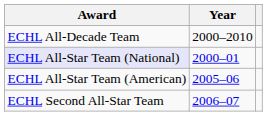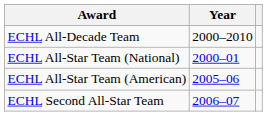 <table class="wikitable">
 <tr>
 <th>Award</th>
 <th>Year</th>
 <th></th>
 </tr>
 <tr>
 <td><a href='#'>ECHL</a> All-Decade Team</td>
 <td>2000–2010</td>
 <td></td>
 </tr>
 <tr>
-<td style="background: lavender;"><a href='#'>ECHL</a> All-Star Team (National)</td>
+<td><a href='#'>ECHL</a> All-Star Team (National)</td>
 <td><a href='#'>2000–01</a></td>
 <td></td>
 </tr>
 <tr>
 <td><a href='#'>ECHL</a> All-Star Team (American)</td>
 <td><a href='#'>2005–06</a></td>
 <td></td>
 </tr>
 <tr>
 <td><a href='#'>ECHL</a> Second All-Star Team</td>
 <td><a href='#'>2006–07</a></td>
 <td></td>
 </tr>
 </table>
